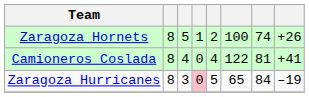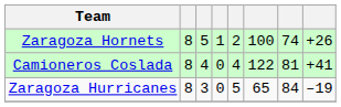 <table class="wikitable sortable" style="text-align: center;">
 <tr>
 <th>Team</th>
 <th></th>
 <th></th>
 <th></th>
 <th></th>
 <th></th>
 <th></th>
 <th></th>
 </tr>
 <tr bgcolor=ccffcc>
 <td><a href='#'>Zaragoza Hornets</a></td>
 <td>8</td>
 <td>5</td>
 <td>1</td>
 <td>2</td>
 <td>100</td>
 <td>74</td>
 <td>+26</td>
 </tr>
 <tr bgcolor=ccffcc>
 <td><a href='#'>Camioneros Coslada</a></td>
 <td>8</td>
 <td>4</td>
 <td>0</td>
 <td>4</td>
 <td>122</td>
 <td>81</td>
 <td>+41</td>
 </tr>
 <tr>
 <td><a href='#'>Zaragoza Hurricanes</a></td>
 <td>8</td>
 <td>3</td>
-<td style="background: pink;">0</td>
+<td>0</td>
 <td>5</td>
 <td>65</td>
 <td>84</td>
 <td>–19</td>
 </tr>
 <tr>
 </tr>
 </table>
